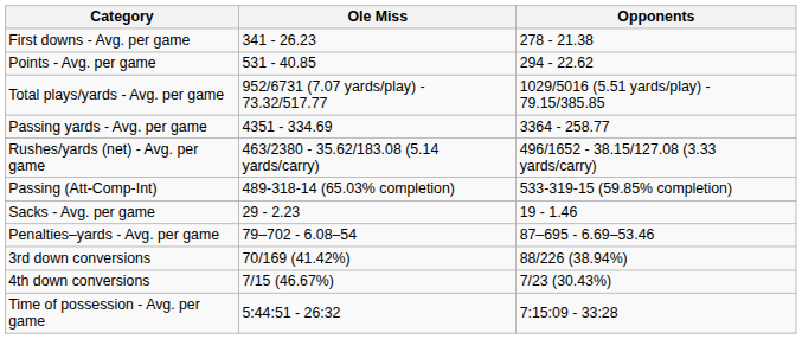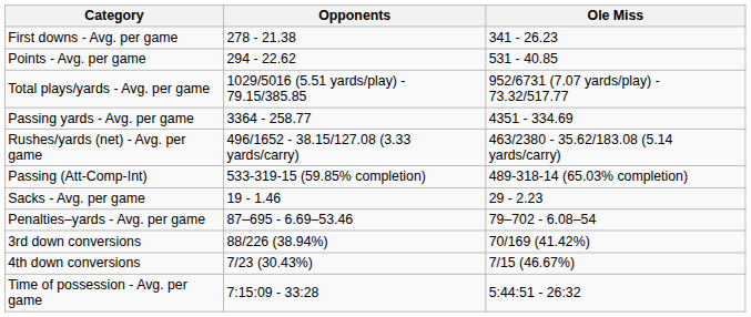 <table class="wikitable" style="float: left;">
 <tr>
 <th>Category</th>
+<th>Opponents</th>
 <th>Ole Miss</th>
-<th>Opponents</th>
 </tr>
 <tr>
 <td>First downs - Avg. per game</td>
+<td>278 - 21.38</td>
 <td>341 - 26.23</td>
-<td>278 - 21.38</td>
 </tr>
 <tr>
 <td>Points - Avg. per game</td>
+<td>294 - 22.62</td>
 <td>531 - 40.85</td>
-<td>294 - 22.62</td>
 </tr>
 <tr>
 <td>Total plays/yards - Avg. per game</td>
+<td>1029/5016 (5.51 yards/play) - 79.15/385.85</td>
 <td>952/6731 (7.07 yards/play) - 73.32/517.77</td>
-<td>1029/5016 (5.51 yards/play) - 79.15/385.85</td>
 </tr>
 <tr>
 <td>Passing yards - Avg. per game</td>
+<td>3364 - 258.77</td>
 <td>4351 - 334.69</td>
-<td>3364 - 258.77</td>
 </tr>
 <tr>
 <td>Rushes/yards (net) - Avg. per game</td>
+<td>496/1652 - 38.15/127.08 (3.33 yards/carry)</td>
 <td>463/2380 - 35.62/183.08 (5.14 yards/carry)</td>
-<td>496/1652 - 38.15/127.08 (3.33 yards/carry)</td>
 </tr>
 <tr>
 <td>Passing (Att-Comp-Int)</td>
+<td>533-319-15 (59.85% completion)</td>
 <td>489-318-14 (65.03% completion)</td>
-<td>533-319-15 (59.85% completion)</td>
 </tr>
 <tr>
 <td>Sacks - Avg. per game</td>
+<td>19 - 1.46</td>
 <td>29 - 2.23</td>
-<td>19 - 1.46</td>
 </tr>
 <tr>
 <td>Penalties–yards - Avg. per game</td>
+<td>87–695 - 6.69–53.46</td>
 <td>79–702 - 6.08–54</td>
-<td>87–695 - 6.69–53.46</td>
 </tr>
 <tr>
 <td>3rd down conversions</td>
+<td>88/226 (38.94%)</td>
 <td>70/169 (41.42%)</td>
-<td>88/226 (38.94%)</td>
 </tr>
 <tr>
 <td>4th down conversions</td>
+<td>7/23 (30.43%)</td>
 <td>7/15 (46.67%)</td>
-<td>7/23 (30.43%)</td>
 </tr>
 <tr>
 <td>Time of possession - Avg. per game</td>
+<td>7:15:09 - 33:28</td>
 <td>5:44:51 - 26:32</td>
-<td>7:15:09 - 33:28</td>
 </tr>
 </table>
